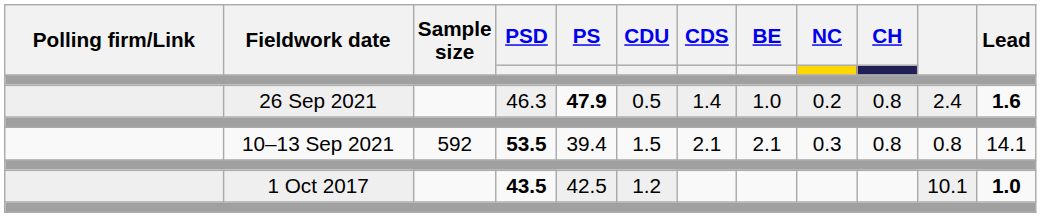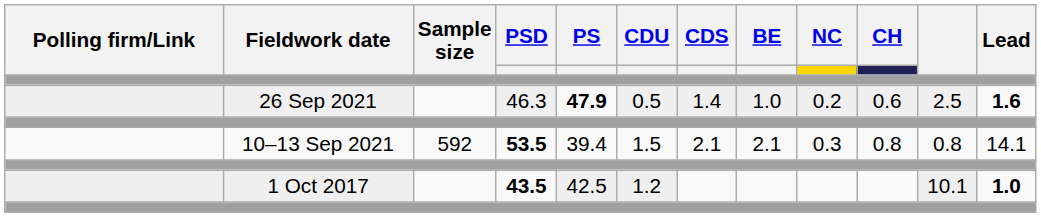 <table class="wikitable sortable mw-datatable" style="text-align:center;font-size:90%;line-height:16px;">
 <tr style="height:42px;">
 <th style="width:145px;" rowspan="2">Polling firm/Link</th>
 <th style="width:125px;" rowspan="2">Fieldwork date</th>
 <th class="unsortable" style="width:50px;" rowspan="2">Sample size</th>
 <th class="unsortable" style="width:35px;"><a href='#'>PSD</a></th>
 <th class="unsortable" style="width:35px;"><a href='#'>PS</a></th>
 <th class="unsortable" style="width:35px;"><a href='#'>CDU</a></th>
 <th class="unsortable" style="width:35px;"><a href='#'>CDS</a></th>
 <th class="unsortable" style="width:35px;"><a href='#'>BE</a></th>
 <th class="unsortable" style="width:35px;"><a href='#'>NC</a></th>
 <th class="unsortable" style="width:35px;"><a href='#'>CH</a></th>
 <th class="unsortable" style="width:35px;" rowspan="2"></th>
 <th class="unsortable" style="width:30px;" rowspan="2">Lead</th>
 </tr>
 <tr>
 <th class="unsortable" style="color:inherit;background:"></th>
 <th class="unsortable" style="color:inherit;background:"></th>
 <th class="unsortable" style="color:inherit;background:"></th>
 <th class="unsortable" style="color:inherit;background:"></th>
 <th class="unsortable" style="color:inherit;background:"></th>
 <th class="sortable" style="background:gold;"></th>
 <th class="sortable" style="background:#202056;"></th>
 </tr>
 <tr>
 <td colspan="15" style="background:#A0A0A0"></td>
 </tr>
 <tr>
 <td style="background:#EFEFEF;"><strong></strong></td>
 <td style="background:#EFEFEF;" data-sort-value="2019-10-06">26 Sep 2021</td>
 <td></td>
 <td style="background:#EFEFEF;">46.3<br></td>
 <td><strong>47.9</strong><br></td>
 <td style="background:#EFEFEF;">0.5<br></td>
 <td style="background:#EFEFEF;">1.4<br></td>
 <td style="background:#EFEFEF;">1.0<br></td>
 <td style="background:#EFEFEF;">0.2<br></td>
-<td style="background:#EFEFEF;">0.8<br></td>
-<td style="background:#EFEFEF;">2.4</td>
+<td style="background:#EFEFEF;">0.6<br></td>
+<td style="background:#EFEFEF;">2.5</td>
 <td style="background:"><strong>1.6</strong></td>
 </tr>
 <tr>
 <td colspan="15" style="background:#A0A0A0"></td>
 </tr>
 <tr>
 <td align="center"></td>
 <td align="center">10–13 Sep 2021</td>
 <td align="center">592</td>
 <td align="center" ><strong>53.5</strong></td>
 <td align="center">39.4</td>
 <td align="center">1.5</td>
 <td align="center">2.1</td>
 <td align="center">2.1</td>
 <td align="center">0.3</td>
 <td align="center">0.8</td>
 <td align="center">0.8</td>
 <td style="background:">14.1</td>
 </tr>
 <tr>
 <td colspan="15" style="background:#A0A0A0"></td>
 </tr>
 <tr>
 <td style="background:#EFEFEF;"><strong></strong></td>
 <td style="background:#EFEFEF;" data-sort-value="2019-10-06">1 Oct 2017</td>
 <td></td>
 <td><strong>43.5</strong><br></td>
 <td style="background:#EFEFEF;">42.5<br></td>
 <td style="background:#EFEFEF;">1.2<br></td>
 <td></td>
 <td></td>
 <td></td>
 <td></td>
 <td style="background:#EFEFEF;">10.1<br></td>
 <td style="background:"><strong>1.0</strong></td>
 </tr>
 <tr>
 <td colspan="15" style="background:#A0A0A0"></td>
 </tr>
 </table>
